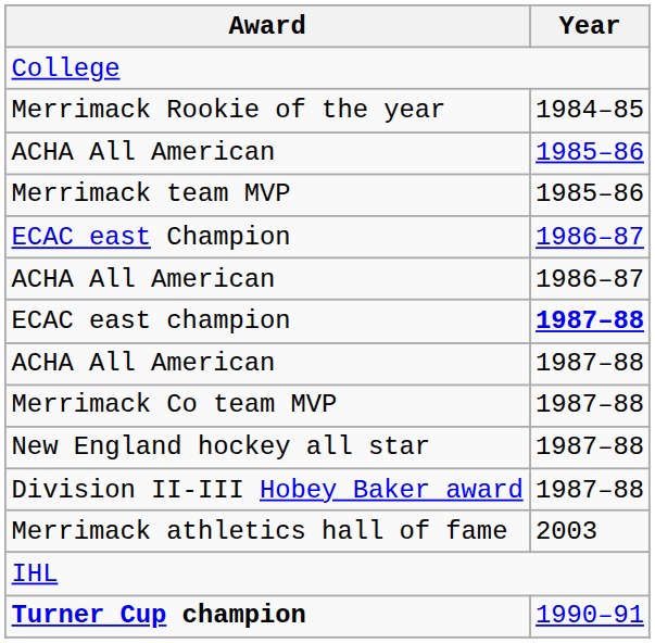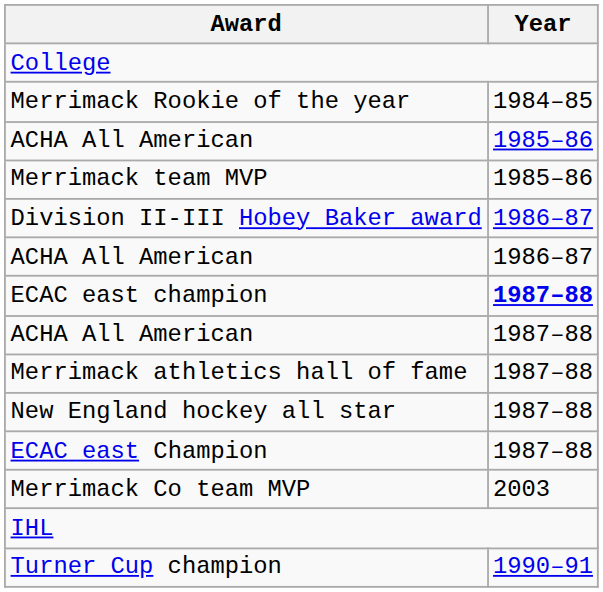 <table class="wikitable">
 <tr>
 <th>Award</th>
 <th>Year</th>
 </tr>
 <tr>
 <td colspan="2"><a href='#'>College</a></td>
 </tr>
 <tr>
 <td>Merrimack Rookie of the year </td>
 <td>1984–85</td>
 </tr>
 <tr>
 <td>ACHA All American</td>
 <td><a href='#'>1985–86</a></td>
 </tr>
 <tr>
 <td>Merrimack team MVP</td>
 <td>1985–86</td>
 </tr>
 <tr>
-<td><a href='#'>ECAC east</a> Champion</td>
+<td>Division II-III <a href='#'>Hobey Baker award</a></td>
 <td><a href='#'>1986–87</a></td>
 </tr>
 <tr>
 <td>ACHA All American</td>
 <td>1986–87</td>
 </tr>
 <tr>
 <td>ECAC east champion</td>
 <td><strong><a href='#'>1987–88</a></strong></td>
 </tr>
 <tr>
 <td>ACHA All American</td>
 <td>1987–88</td>
 </tr>
 <tr>
-<td>Merrimack Co team MVP</td>
+<td>Merrimack athletics hall of fame</td>
 <td>1987–88</td>
 </tr>
 <tr>
 <td>New England hockey all star</td>
 <td>1987–88</td>
 </tr>
 <tr>
-<td>Division II-III <a href='#'>Hobey Baker award</a></td>
+<td><a href='#'>ECAC east</a> Champion</td>
 <td>1987–88</td>
 </tr>
 <tr>
-<td>Merrimack athletics hall of fame</td>
+<td>Merrimack Co team MVP</td>
 <td>2003</td>
 </tr>
 <tr>
 <td colspan="2"><a href='#'>IHL</a></td>
 </tr>
 <tr>
-<td><strong><a href='#'>Turner Cup</a> champion</strong></td>
+<td><a href='#'>Turner Cup</a> champion</td>
 <td><a href='#'>1990–91</a></td>
 </tr>
 </table>
